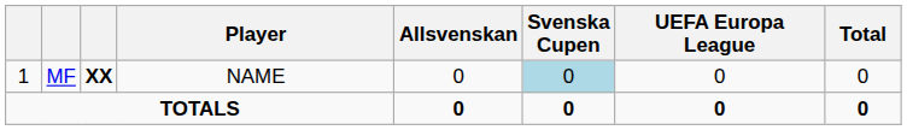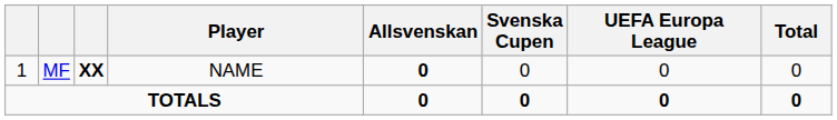 <table class="wikitable sortable" style="font-size: 95%; text-align: center;">
 <tr>
 <th width=20></th>
 <th width=20></th>
 <th width=20></th>
 <th width=200>Player</th>
 <th width=50>Allsvenskan</th>
 <th width=50>Svenska Cupen</th>
 <th width=150>UEFA Europa League</th>
 <th width=50><strong>Total</strong></th>
 </tr>
 <tr>
 <td rowspan=1>1</td>
 <td><a href='#'>MF</a></td>
 <td><strong>XX</strong></td>
 <td> NAME</td>
+<td><strong>0</strong></td>
 <td>0</td>
-<td style="background: lightblue;">0</td>
 <td>0</td>
 <td>0</td>
 </tr>
 <tr>
 <td colspan="4"><strong>TOTALS</strong></td>
 <td><strong>0</strong></td>
 <td><strong>0</strong></td>
 <td><strong>0</strong></td>
 <td><strong>0</strong></td>
 </tr>
 </table>
